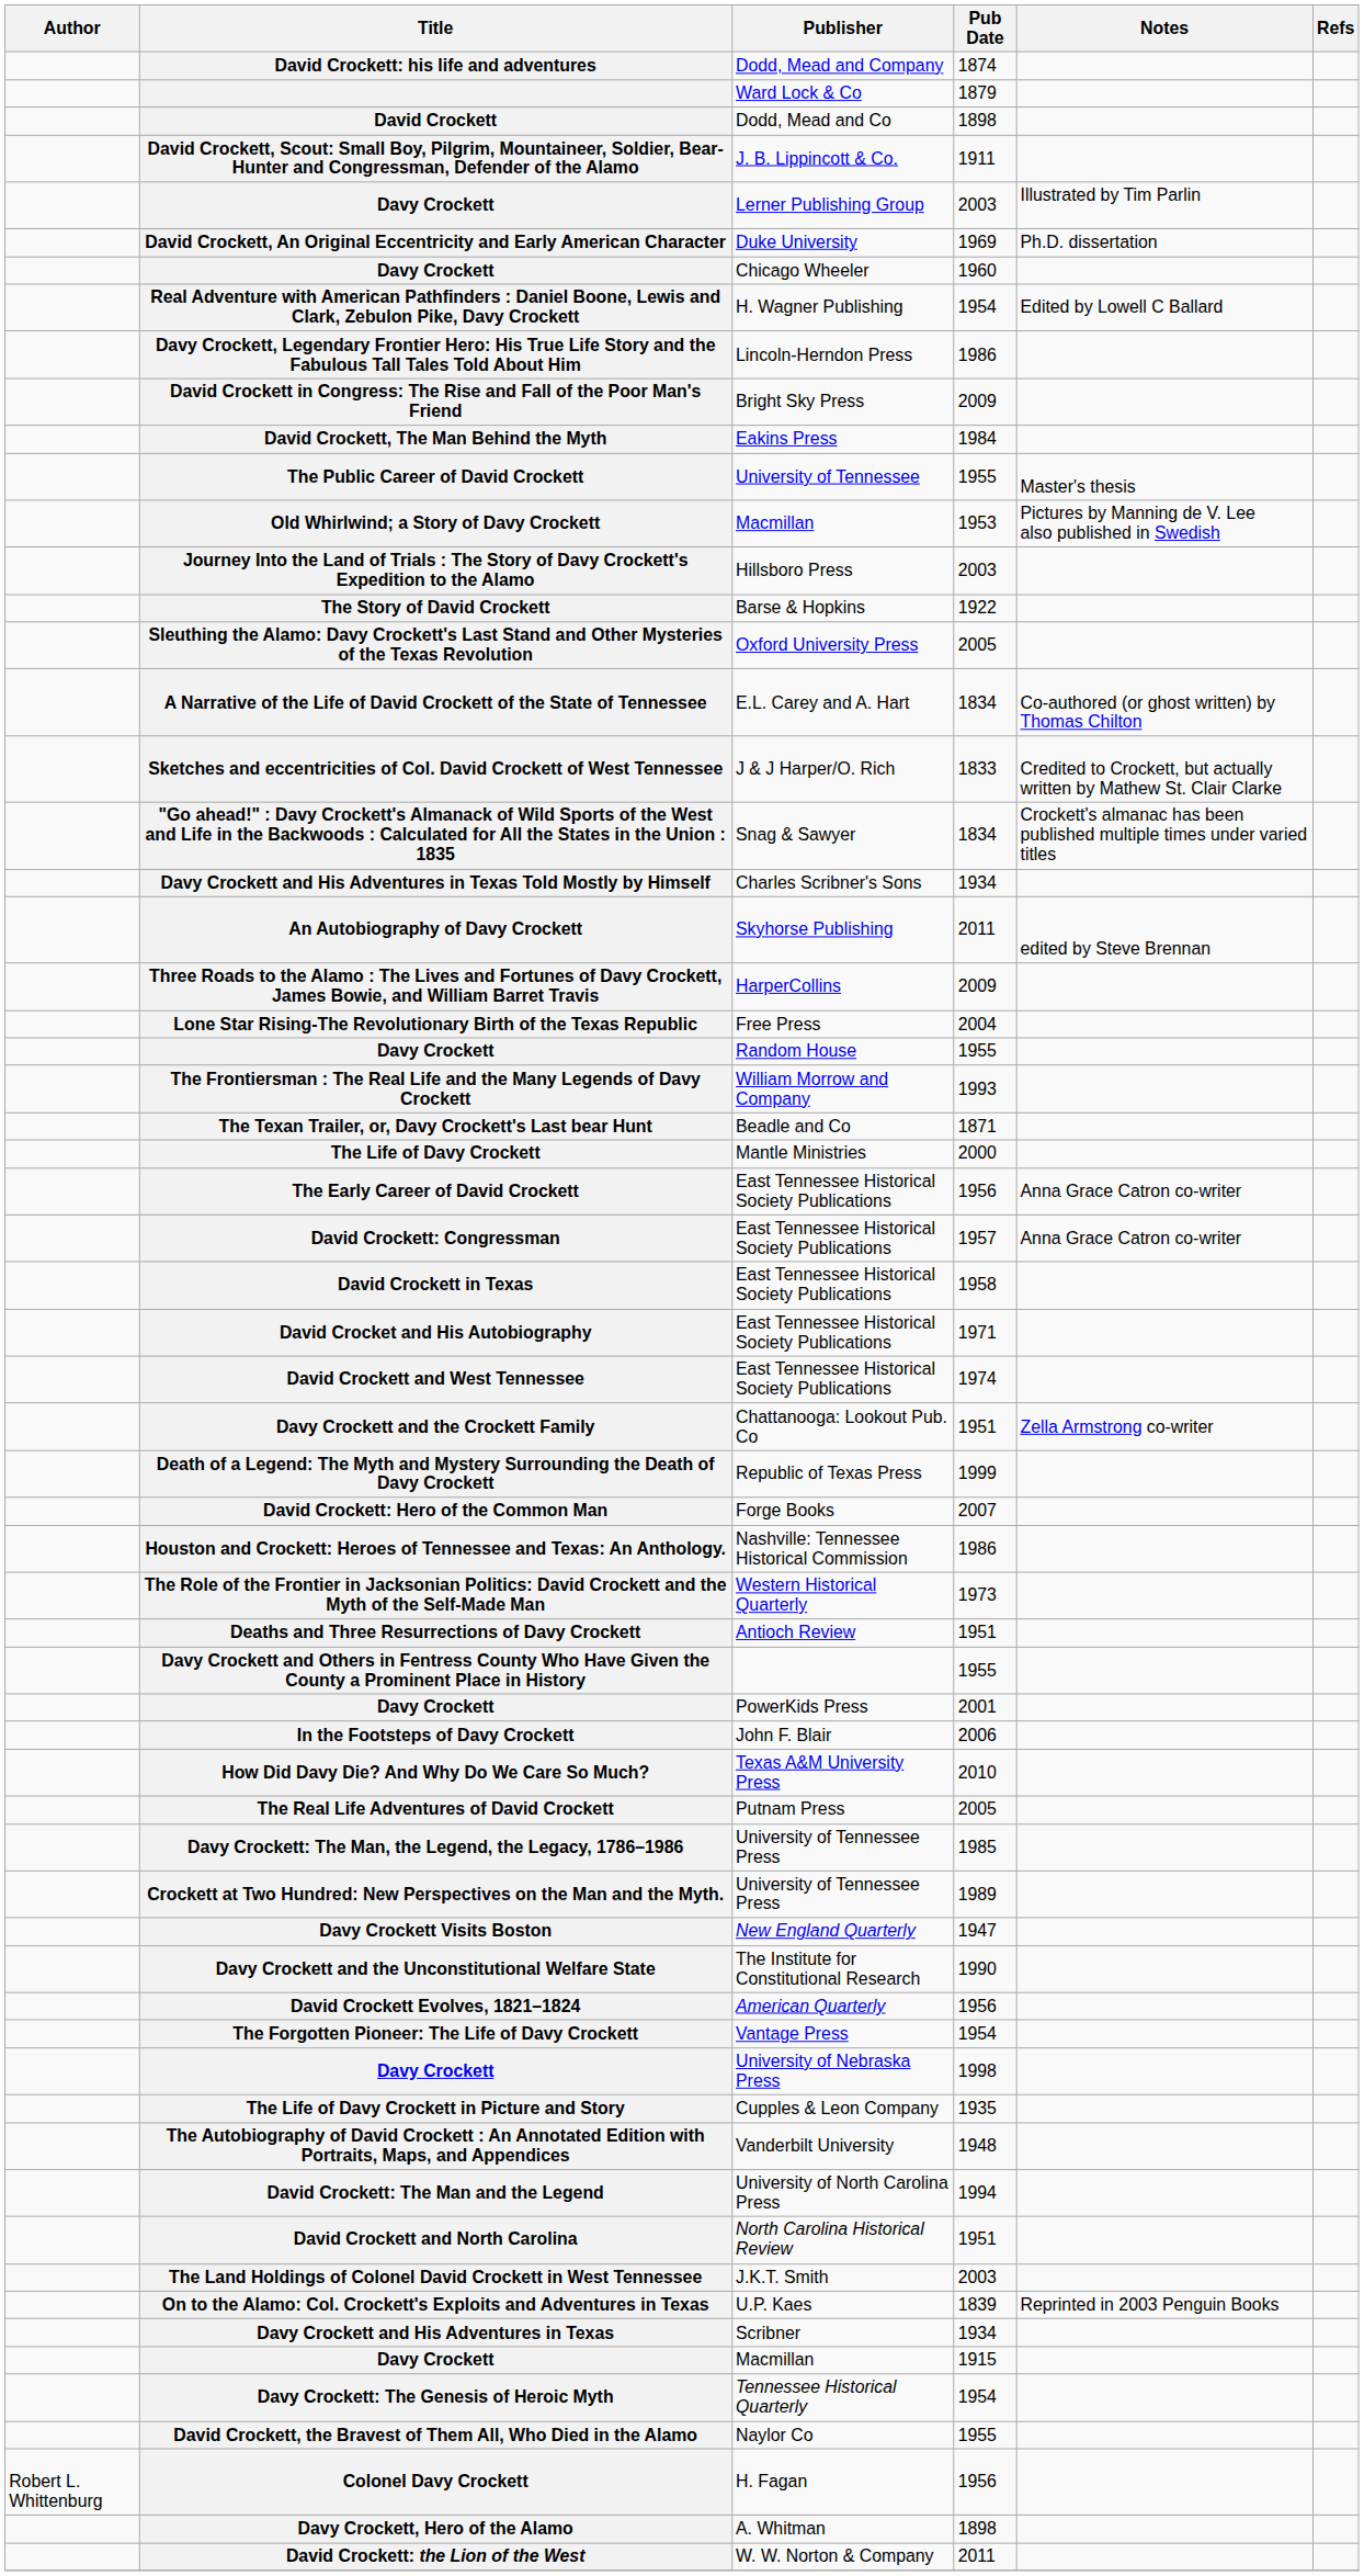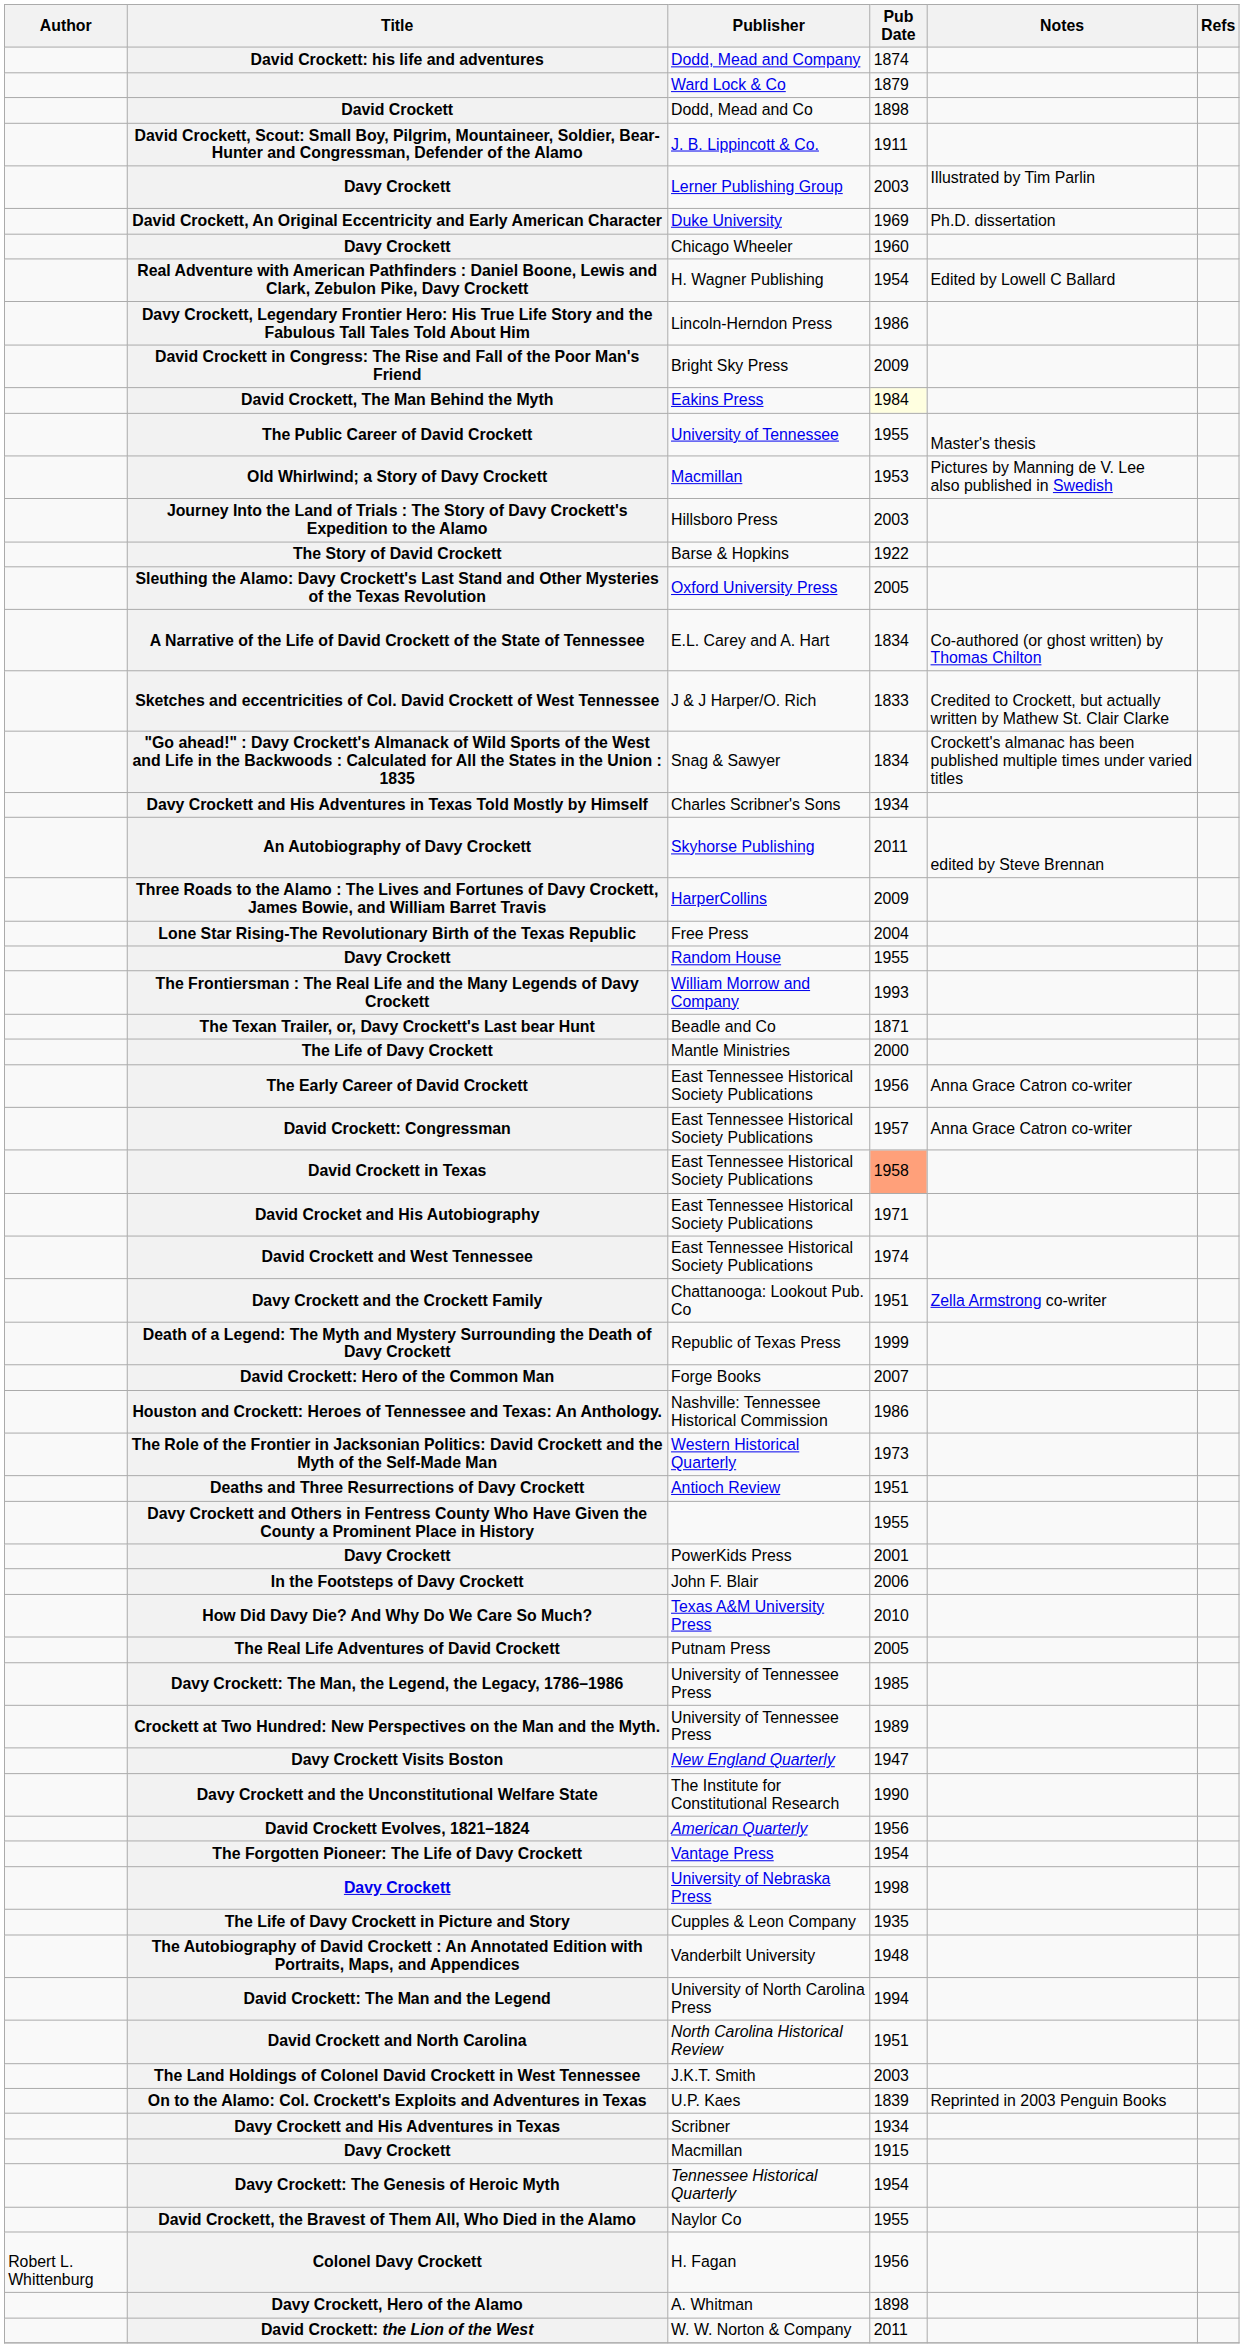 <table class="wikitable sortable plainrowheaders">
 <tr>
 <th scope="col" width =>Author</th>
 <th scope="col" width =>Title</th>
 <th scope="col" width =>Publisher</th>
 <th scope="col" width =>Pub Date</th>
 <th scope="col" class="unsortable">Notes</th>
 <th scope="col" class="unsortable">Refs</th>
 </tr>
 <tr>
 <td></td>
 <th scope="row">David Crockett: his life and adventures</th>
 <td><a href='#'>Dodd, Mead and Company</a></td>
 <td>1874</td>
 <td> </td>
 <td align="center"></td>
 </tr>
 <tr>
 <td></td>
 <th scope="row"></th>
 <td><a href='#'>Ward Lock & Co</a></td>
 <td>1879</td>
 <td></td>
 <td align="center"></td>
 </tr>
 <tr>
 <td></td>
 <th scope="row">David Crockett</th>
 <td>Dodd, Mead and Co</td>
 <td>1898</td>
 <td></td>
 <td align="center"></td>
 </tr>
 <tr>
 <td></td>
 <th scope="row">David Crockett, Scout: Small Boy, Pilgrim, Mountaineer, Soldier, Bear-Hunter and Congressman, Defender of the Alamo</th>
 <td><a href='#'>J. B. Lippincott & Co.</a></td>
 <td>1911</td>
 <td></td>
 <td align="center"></td>
 </tr>
 <tr>
 <td></td>
 <th scope="row">Davy Crockett</th>
 <td><a href='#'>Lerner Publishing Group</a></td>
 <td>2003</td>
 <td>Illustrated by Tim Parlin<br><br></td>
 <td align="center"></td>
 </tr>
 <tr>
 <td></td>
 <th scope="row">David Crockett, An Original Eccentricity and Early American Character</th>
 <td><a href='#'>Duke University</a></td>
 <td>1969</td>
 <td>Ph.D. dissertation<br></td>
 <td align="center"></td>
 </tr>
 <tr>
 <td></td>
 <th scope="row">Davy Crockett</th>
 <td>Chicago Wheeler</td>
 <td>1960</td>
 <td></td>
 <td align="center"></td>
 </tr>
 <tr>
 <td></td>
 <th scope="row">Real Adventure with American Pathfinders : Daniel Boone, Lewis and Clark, Zebulon Pike, Davy Crockett</th>
 <td>H. Wagner Publishing</td>
 <td>1954</td>
 <td>Edited by Lowell C Ballard<br></td>
 <td align="center"></td>
 </tr>
 <tr>
 <td></td>
 <th scope="row">Davy Crockett, Legendary Frontier Hero: His True Life Story and the Fabulous Tall Tales Told About Him</th>
 <td>Lincoln-Herndon Press</td>
 <td>1986</td>
 <td></td>
 <td align="center"></td>
 </tr>
 <tr>
 <td></td>
 <th scope="row">David Crockett in Congress: The Rise and Fall of the Poor Man's Friend</th>
 <td>Bright Sky Press</td>
 <td>2009</td>
 <td></td>
 <td align="center"></td>
 </tr>
 <tr>
 <td></td>
 <th scope="row">David Crockett, The Man Behind the Myth</th>
 <td><a href='#'>Eakins Press</a></td>
-<td>1984</td>
+<td style="background: lightyellow;">1984</td>
 <td><br></td>
 <td align="center"></td>
 </tr>
 <tr>
 <td></td>
 <th scope="row">The Public Career of David Crockett</th>
 <td><a href='#'>University of Tennessee</a></td>
 <td>1955</td>
 <td><br>Master's thesis</td>
 <td align="center"></td>
 </tr>
 <tr>
 <td></td>
 <th scope="row">Old Whirlwind; a Story of Davy Crockett</th>
 <td><a href='#'>Macmillan</a></td>
 <td>1953</td>
 <td>Pictures by Manning de V. Lee<br>also published in <a href='#'>Swedish</a></td>
 <td align="center"></td>
 </tr>
 <tr>
 <td></td>
 <th scope="row">Journey Into the Land of Trials : The Story of Davy Crockett's Expedition to the Alamo</th>
 <td>Hillsboro Press</td>
 <td>2003</td>
 <td><br></td>
 <td align="center"></td>
 </tr>
 <tr>
 <td></td>
 <th scope="row">The Story of David Crockett</th>
 <td>Barse & Hopkins</td>
 <td>1922</td>
 <td></td>
 <td align="center"></td>
 </tr>
 <tr>
 <td></td>
 <th scope="row">Sleuthing the Alamo: Davy Crockett's Last Stand and Other Mysteries of the Texas Revolution</th>
 <td><a href='#'>Oxford University Press</a></td>
 <td>2005</td>
 <td><br></td>
 <td align="center"></td>
 </tr>
 <tr>
 <td></td>
 <th scope="row">A Narrative of the Life of David Crockett of the State of Tennessee</th>
 <td>E.L. Carey and A. Hart</td>
 <td>1834</td>
 <td><br>Co-authored (or ghost written) by <a href='#'>Thomas Chilton</a></td>
 <td align="center"></td>
 </tr>
 <tr>
 <td></td>
 <th scope="row">Sketches and eccentricities of Col. David Crockett of West Tennessee</th>
 <td>J & J Harper/O. Rich</td>
 <td>1833</td>
 <td><br>Credited to Crockett, but actually written by Mathew St. Clair Clarke</td>
 <td align="center"></td>
 </tr>
 <tr>
 <td></td>
 <th scope="row">"Go ahead!" : Davy Crockett's Almanack of Wild Sports of the West and Life in the Backwoods : Calculated for All the States in the Union : 1835</th>
 <td>Snag & Sawyer</td>
 <td>1834</td>
 <td>Crockett's almanac has been published multiple times under varied titles</td>
 <td align="center"></td>
 </tr>
 <tr>
 <td></td>
 <th scope="row">Davy Crockett and His Adventures in Texas Told Mostly by Himself</th>
 <td>Charles Scribner's Sons</td>
 <td>1934</td>
 <td></td>
 <td align="center"></td>
 </tr>
 <tr>
 <td></td>
 <th scope="row">An Autobiography of Davy Crockett</th>
 <td><a href='#'>Skyhorse Publishing</a></td>
 <td>2011</td>
 <td><br><br>edited by Steve Brennan</td>
 <td align="center"></td>
 </tr>
 <tr>
 <td></td>
 <th scope="row">Three Roads to the Alamo : The Lives and Fortunes of Davy Crockett, James Bowie, and William Barret Travis</th>
 <td><a href='#'>HarperCollins</a></td>
 <td>2009</td>
 <td><br></td>
 <td align="center"></td>
 </tr>
 <tr>
 <td></td>
 <th scope="row">Lone Star Rising-The Revolutionary Birth of the Texas Republic</th>
 <td>Free Press</td>
 <td>2004</td>
 <td><br></td>
 <td align="center"></td>
 </tr>
 <tr>
 <td></td>
 <th scope="row">Davy Crockett</th>
 <td><a href='#'>Random House</a></td>
 <td>1955</td>
 <td></td>
 <td align="center"></td>
 </tr>
 <tr>
 <td></td>
 <th scope="row">The Frontiersman : The Real Life and the Many Legends of Davy Crockett</th>
 <td><a href='#'>William Morrow and Company</a></td>
 <td>1993</td>
 <td><br></td>
 <td align="center"></td>
 </tr>
 <tr>
 <td></td>
 <th scope="row">The Texan Trailer, or, Davy Crockett's Last bear Hunt</th>
 <td>Beadle and Co</td>
 <td>1871</td>
 <td></td>
 <td align="center"></td>
 </tr>
 <tr>
 <td></td>
 <th scope="row">The Life of Davy Crockett</th>
 <td>Mantle Ministries</td>
 <td>2000</td>
 <td></td>
 <td align="center"></td>
 </tr>
 <tr>
 <td></td>
 <th scope="row">The Early Career of David Crockett</th>
 <td>East Tennessee Historical Society Publications</td>
 <td>1956</td>
 <td>Anna Grace Catron co-writer <br></td>
 <td align="center"></td>
 </tr>
 <tr>
 <td></td>
 <th scope="row">David Crockett: Congressman</th>
 <td>East Tennessee Historical Society Publications</td>
 <td>1957</td>
 <td>Anna Grace Catron co-writer</td>
 <td align="center"></td>
 </tr>
 <tr>
 <td></td>
 <th scope="row">David Crockett in Texas</th>
 <td>East Tennessee Historical Society Publications</td>
-<td>1958</td>
+<td style="background: lightsalmon;">1958</td>
 <td></td>
 <td align="center"></td>
 </tr>
 <tr>
 <td></td>
 <th scope="row">David Crocket and His Autobiography</th>
 <td>East Tennessee Historical Society Publications</td>
 <td>1971</td>
 <td></td>
 <td align="center"></td>
 </tr>
 <tr>
 <td></td>
 <th scope="row">David Crockett and West Tennessee</th>
 <td>East Tennessee Historical Society Publications</td>
 <td>1974</td>
 <td></td>
 <td align="center"></td>
 </tr>
 <tr>
 <td></td>
 <th scope="row">Davy Crockett and the Crockett Family</th>
 <td>Chattanooga: Lookout Pub. Co</td>
 <td>1951</td>
 <td><a href='#'>Zella Armstrong</a> co-writer<br></td>
 <td align="center"></td>
 </tr>
 <tr>
 <td></td>
 <th scope="row">Death of a Legend: The Myth and Mystery Surrounding the Death of Davy Crockett</th>
 <td>Republic of Texas Press</td>
 <td>1999</td>
 <td><br></td>
 <td align="center"></td>
 </tr>
 <tr>
 <td></td>
 <th scope="row">David Crockett: Hero of the Common Man</th>
 <td>Forge Books</td>
 <td>2007</td>
 <td><br></td>
 <td align="center"></td>
 </tr>
 <tr>
 <td></td>
 <th scope="row">Houston and Crockett: Heroes of Tennessee and Texas: An Anthology.</th>
 <td>Nashville: Tennessee Historical Commission</td>
 <td>1986</td>
 <td></td>
 <td align="center"></td>
 </tr>
 <tr>
 <td></td>
 <th scope="row">The Role of the Frontier in Jacksonian Politics: David Crockett and the Myth of the Self-Made Man</th>
 <td><a href='#'>Western Historical Quarterly</a></td>
 <td>1973</td>
 <td></td>
 <td align="center"></td>
 </tr>
 <tr>
 <td></td>
 <th scope="row">Deaths and Three Resurrections of Davy Crockett</th>
 <td><a href='#'>Antioch Review</a></td>
 <td>1951</td>
 <td></td>
 <td align="center"></td>
 </tr>
 <tr>
 <td></td>
 <th scope="row">Davy Crockett and Others in Fentress County Who Have Given the County a Prominent Place in History</th>
 <td></td>
 <td>1955</td>
 <td></td>
 <td align="center"></td>
 </tr>
 <tr>
 <td></td>
 <th scope="row">Davy Crockett</th>
 <td>PowerKids Press</td>
 <td>2001</td>
 <td><br></td>
 <td align="center"></td>
 </tr>
 <tr>
 <td></td>
 <th scope="row">In the Footsteps of Davy Crockett</th>
 <td>John F. Blair</td>
 <td>2006</td>
 <td><br></td>
 <td align="center"></td>
 </tr>
 <tr>
 <td></td>
 <th scope="row">How Did Davy Die? And Why Do We Care So Much?</th>
 <td><a href='#'>Texas A&M University Press</a></td>
 <td>2010</td>
 <td><br></td>
 <td align="center"></td>
 </tr>
 <tr>
 <td></td>
 <th scope="row">The Real Life Adventures of David Crockett</th>
 <td>Putnam Press</td>
 <td>2005</td>
 <td><br></td>
 <td align="center"></td>
 </tr>
 <tr>
 <td></td>
 <th scope="row">Davy Crockett: The Man, the Legend, the Legacy, 1786–1986</th>
 <td>University of Tennessee Press</td>
 <td>1985</td>
 <td><br></td>
 <td align="center"></td>
 </tr>
 <tr>
 <td></td>
 <th scope="row">Crockett at Two Hundred: New Perspectives on the Man and the Myth.</th>
 <td>University of Tennessee Press</td>
 <td>1989</td>
 <td><br></td>
 <td align="center"></td>
 </tr>
 <tr>
 <td></td>
 <th scope="row">Davy Crockett Visits Boston</th>
 <td><em><a href='#'>New England Quarterly</a></em></td>
 <td>1947</td>
 <td></td>
 <td align="center"></td>
 </tr>
 <tr>
 <td></td>
 <th scope="row">Davy Crockett and the Unconstitutional Welfare State</th>
 <td>The Institute for Constitutional Research</td>
 <td>1990</td>
 <td><br></td>
 <td align="center"></td>
 </tr>
 <tr>
 <td></td>
 <th scope="row">David Crockett Evolves, 1821–1824</th>
 <td><em><a href='#'>American Quarterly</a></em></td>
 <td>1956</td>
 <td></td>
 <td align="center"></td>
 </tr>
 <tr>
 <td></td>
 <th scope="row">The Forgotten Pioneer: The Life of Davy Crockett</th>
 <td><a href='#'>Vantage Press</a></td>
 <td>1954</td>
 <td></td>
 <td align="center"></td>
 </tr>
 <tr>
 <td></td>
 <th scope="row"><a href='#'>Davy Crockett</a></th>
 <td><a href='#'>University of Nebraska Press</a></td>
 <td>1998</td>
 <td><br></td>
 <td align="center"></td>
 </tr>
 <tr>
 <td></td>
 <th scope="row">The Life of Davy Crockett in Picture and Story</th>
 <td>Cupples & Leon Company</td>
 <td>1935</td>
 <td></td>
 <td align="center"></td>
 </tr>
 <tr>
 <td></td>
 <th scope="row">The Autobiography of David Crockett : An Annotated Edition with Portraits, Maps, and Appendices</th>
 <td>Vanderbilt University</td>
 <td>1948</td>
 <td></td>
 <td align="center"></td>
 </tr>
 <tr>
 <td></td>
 <th scope="row">David Crockett: The Man and the Legend</th>
 <td>University of North Carolina Press</td>
 <td>1994</td>
 <td></td>
 <td align="center"></td>
 </tr>
 <tr>
 <td></td>
 <th scope="row">David Crockett and North Carolina</th>
 <td><em>North Carolina Historical Review</em></td>
 <td>1951</td>
 <td></td>
 <td align="center"></td>
 </tr>
 <tr>
 <td></td>
 <th scope="row">The Land Holdings of Colonel David Crockett in West Tennessee</th>
 <td>J.K.T. Smith</td>
 <td>2003</td>
 <td></td>
 <td align="center"></td>
 </tr>
 <tr>
 <td></td>
 <th scope="row">On to the Alamo: Col. Crockett's Exploits and Adventures in Texas</th>
 <td>U.P. Kaes</td>
 <td>1839</td>
 <td>Reprinted in 2003 Penguin Books</td>
 <td align="center"></td>
 </tr>
 <tr>
 <td></td>
 <th scope="row">Davy Crockett and His Adventures in Texas</th>
 <td>Scribner</td>
 <td>1934</td>
 <td></td>
 <td align="center"></td>
 </tr>
 <tr>
 <td></td>
 <th scope="row">Davy Crockett</th>
 <td>Macmillan</td>
 <td>1915</td>
 <td></td>
 <td align="center"></td>
 </tr>
 <tr>
 <td></td>
 <th scope="row">Davy Crockett: The Genesis of Heroic Myth</th>
 <td><em>Tennessee Historical Quarterly</em></td>
 <td>1954</td>
 <td></td>
 <td align="center"></td>
 </tr>
 <tr>
 <td></td>
 <th scope="row">David Crockett, the Bravest of Them All, Who Died in the Alamo</th>
 <td>Naylor Co</td>
 <td>1955</td>
 <td></td>
 <td align="center"></td>
 </tr>
 <tr>
 <td><br>Robert L. Whittenburg</td>
 <th scope="row">Colonel Davy Crockett</th>
 <td>H. Fagan</td>
 <td>1956</td>
 <td></td>
 <td align="center"></td>
 </tr>
 <tr>
 <td></td>
 <th scope="row">Davy Crockett, Hero of the Alamo</th>
 <td>A. Whitman</td>
 <td>1898</td>
 <td></td>
 <td align="center"></td>
 </tr>
 <tr>
 <td></td>
 <th scope="row">David Crockett: <em>the Lion of the West</em></th>
 <td>W. W. Norton & Company</td>
 <td>2011</td>
 <td><br></td>
 <td align="center"></td>
 </tr>
 <tr>
 </tr>
 </table>
